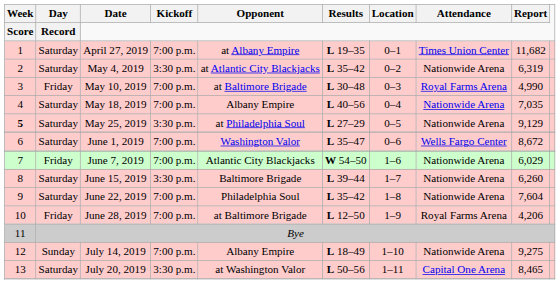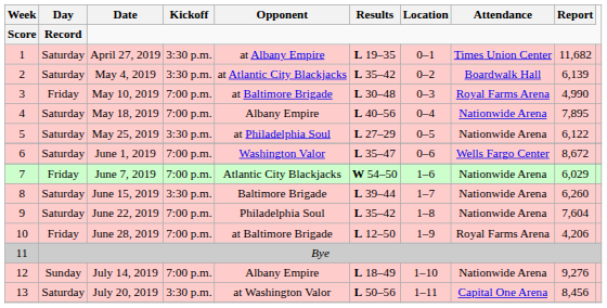 <table class="wikitable" style="text-align:center; font-size: 95%;">
 <tr>
 <th>Week</th>
 <th>Day</th>
 <th>Date</th>
 <th>Kickoff</th>
 <th>Opponent</th>
 <th>Results</th>
 <th>Location</th>
 <th>Attendance</th>
 <th>Report</th>
 </tr>
 <tr>
 <th>Score</th>
 <th>Record</th>
 </tr>
 <tr bgcolor="#ffcccc">
 <td>1</td>
 <td>Saturday</td>
 <td>April 27, 2019</td>
-<td>7:00 p.m.</td>
+<td>3:30 p.m.</td>
 <td>at <a href='#'>Albany Empire</a></td>
 <td><strong>L</strong> 19–35</td>
 <td>0–1</td>
 <td><a href='#'>Times Union Center</a></td>
 <td>11,682</td>
 <td></td>
 </tr>
 <tr bgcolor="#ffcccc">
 <td>2</td>
 <td>Saturday</td>
 <td>May 4, 2019</td>
 <td>3:30 p.m.</td>
 <td>at <a href='#'>Atlantic City Blackjacks</a></td>
 <td><strong>L</strong> 35–42</td>
 <td>0–2</td>
-<td>Nationwide Arena</td>
-<td>6,319</td>
+<td><a href='#'>Boardwalk Hall</a></td>
+<td>6,139</td>
 <td></td>
 </tr>
 <tr bgcolor="#ffcccc">
 <td>3</td>
 <td>Friday</td>
 <td>May 10, 2019</td>
 <td>7:00 p.m.</td>
 <td>at <a href='#'>Baltimore Brigade</a></td>
 <td><strong>L</strong> 30–48</td>
 <td>0–3</td>
 <td><a href='#'>Royal Farms Arena</a></td>
 <td>4,990</td>
 <td></td>
 </tr>
 <tr bgcolor="#ffcccc">
 <td>4</td>
 <td>Saturday</td>
 <td>May 18, 2019</td>
 <td>7:00 p.m.</td>
 <td>Albany Empire</td>
 <td><strong>L</strong> 40–56</td>
 <td>0–4</td>
 <td><a href='#'>Nationwide Arena</a></td>
-<td>7,035</td>
+<td>7,895</td>
 <td></td>
 </tr>
 <tr bgcolor="#ffcccc">
-<td><strong>5</strong></td>
+<td>5</td>
 <td>Saturday</td>
 <td>May 25, 2019</td>
 <td>3:30 p.m.</td>
 <td>at <a href='#'>Philadelphia Soul</a></td>
 <td><strong>L</strong> 27–29</td>
 <td>0–5</td>
 <td>Nationwide Arena</td>
-<td>9,129</td>
+<td>6,122</td>
 <td></td>
 </tr>
 <tr>
 </tr>
 <tr bgcolor=#ffcccc>
 <td>6</td>
 <td>Saturday</td>
 <td>June 1, 2019</td>
 <td>7:00 p.m.</td>
 <td><a href='#'>Washington Valor</a></td>
 <td><strong>L</strong> 35–47</td>
 <td>0–6</td>
 <td><a href='#'>Wells Fargo Center</a></td>
 <td>8,672</td>
 <td></td>
 </tr>
 <tr>
 </tr>
 <tr bgcolor=#ccffcc>
 <td>7</td>
 <td>Friday</td>
 <td>June 7, 2019</td>
 <td>7:00 p.m.</td>
 <td>Atlantic City Blackjacks</td>
 <td><strong>W</strong> 54–50</td>
 <td>1–6</td>
 <td>Nationwide Arena</td>
 <td>6,029</td>
 <td></td>
 </tr>
 <tr bgcolor=#ffcccc>
 <td>8</td>
 <td>Saturday</td>
 <td>June 15, 2019</td>
 <td>3:30 p.m.</td>
 <td>Baltimore Brigade</td>
 <td><strong>L</strong> 39–44</td>
 <td>1–7</td>
 <td>Nationwide Arena</td>
 <td>6,260</td>
 <td></td>
 </tr>
 <tr bgcolor="#ffcccc">
 <td>9</td>
 <td>Saturday</td>
 <td>June 22, 2019</td>
 <td>7:00 p.m.</td>
 <td>Philadelphia Soul</td>
 <td><strong>L</strong> 35–42</td>
 <td>1–8</td>
 <td>Nationwide Arena</td>
 <td>7,604</td>
 <td></td>
 </tr>
 <tr bgcolor="#ffcccc">
 <td>10</td>
 <td>Friday</td>
 <td>June 28, 2019</td>
 <td>7:00 p.m.</td>
 <td>at Baltimore Brigade</td>
 <td><strong>L</strong> 12–50</td>
 <td>1–9</td>
 <td>Royal Farms Arena</td>
 <td>4,206</td>
 <td></td>
 </tr>
 <tr bgcolor=#CCCCCC>
 <td>11</td>
 <td colspan=9><em>Bye</em></td>
 </tr>
 <tr bgcolor="#ffcccc">
 <td>12</td>
 <td>Sunday</td>
 <td>July 14, 2019</td>
 <td>7:00 p.m.</td>
 <td>Albany Empire</td>
 <td><strong>L</strong> 18–49</td>
 <td>1–10</td>
 <td>Nationwide Arena</td>
-<td>9,275</td>
+<td>9,276</td>
 <td></td>
 </tr>
 <tr bgcolor="#ffcccc">
 <td>13</td>
 <td>Saturday</td>
 <td>July 20, 2019</td>
 <td>3:30 p.m.</td>
 <td>at Washington Valor</td>
 <td><strong>L</strong> 50–56</td>
 <td>1–11</td>
 <td><a href='#'>Capital One Arena</a></td>
-<td>8,465</td>
+<td>8,456</td>
 <td></td>
 </tr>
 <tr>
 </tr>
 </table>
